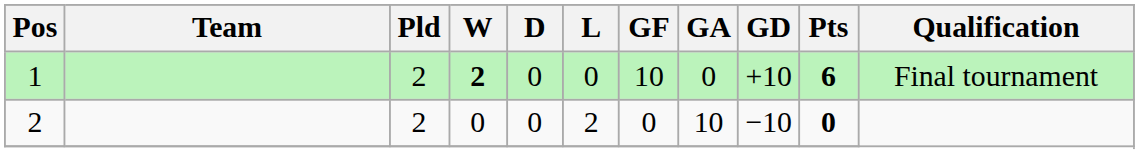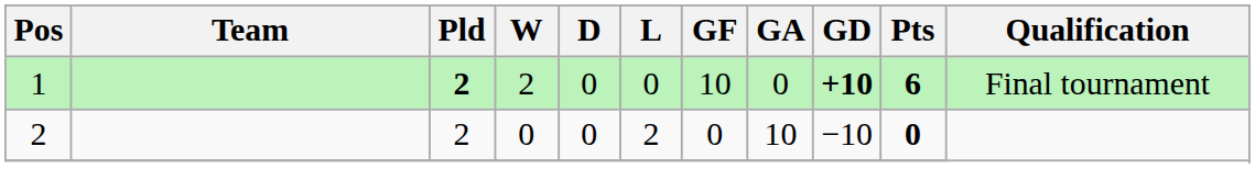 <table class="wikitable" border="1" style="text-align: center;">
 <tr>
 <th width="25"><abbr>Pos</abbr></th>
 <th width="190">Team</th>
 <th width="25"><abbr>Pld</abbr></th>
 <th width="25"><abbr>W</abbr></th>
 <th width="25"><abbr>D</abbr></th>
 <th width="25"><abbr>L</abbr></th>
 <th width="25"><abbr>GF</abbr></th>
 <th width="25"><abbr>GA</abbr></th>
 <th width="25"><abbr>GD</abbr></th>
 <th width="25"><abbr>Pts</abbr></th>
 <th width="150">Qualification</th>
 </tr>
 <tr bgcolor = #BBF3BB>
 <td>1</td>
 <td align="left"></td>
+<td><strong>2</strong></td>
 <td>2</td>
-<td><strong>2</strong></td>
 <td>0</td>
 <td>0</td>
 <td>10</td>
 <td>0</td>
-<td>+10</td>
+<td><strong>+10</strong></td>
 <td><strong>6</strong></td>
 <td>Final tournament</td>
 </tr>
 <tr>
 <td>2</td>
 <td align="left"></td>
 <td>2</td>
 <td>0</td>
 <td>0</td>
 <td>2</td>
 <td>0</td>
 <td>10</td>
 <td>−10</td>
 <td><strong>0</strong></td>
 </tr>
 <tr>
 </tr>
 </table>
